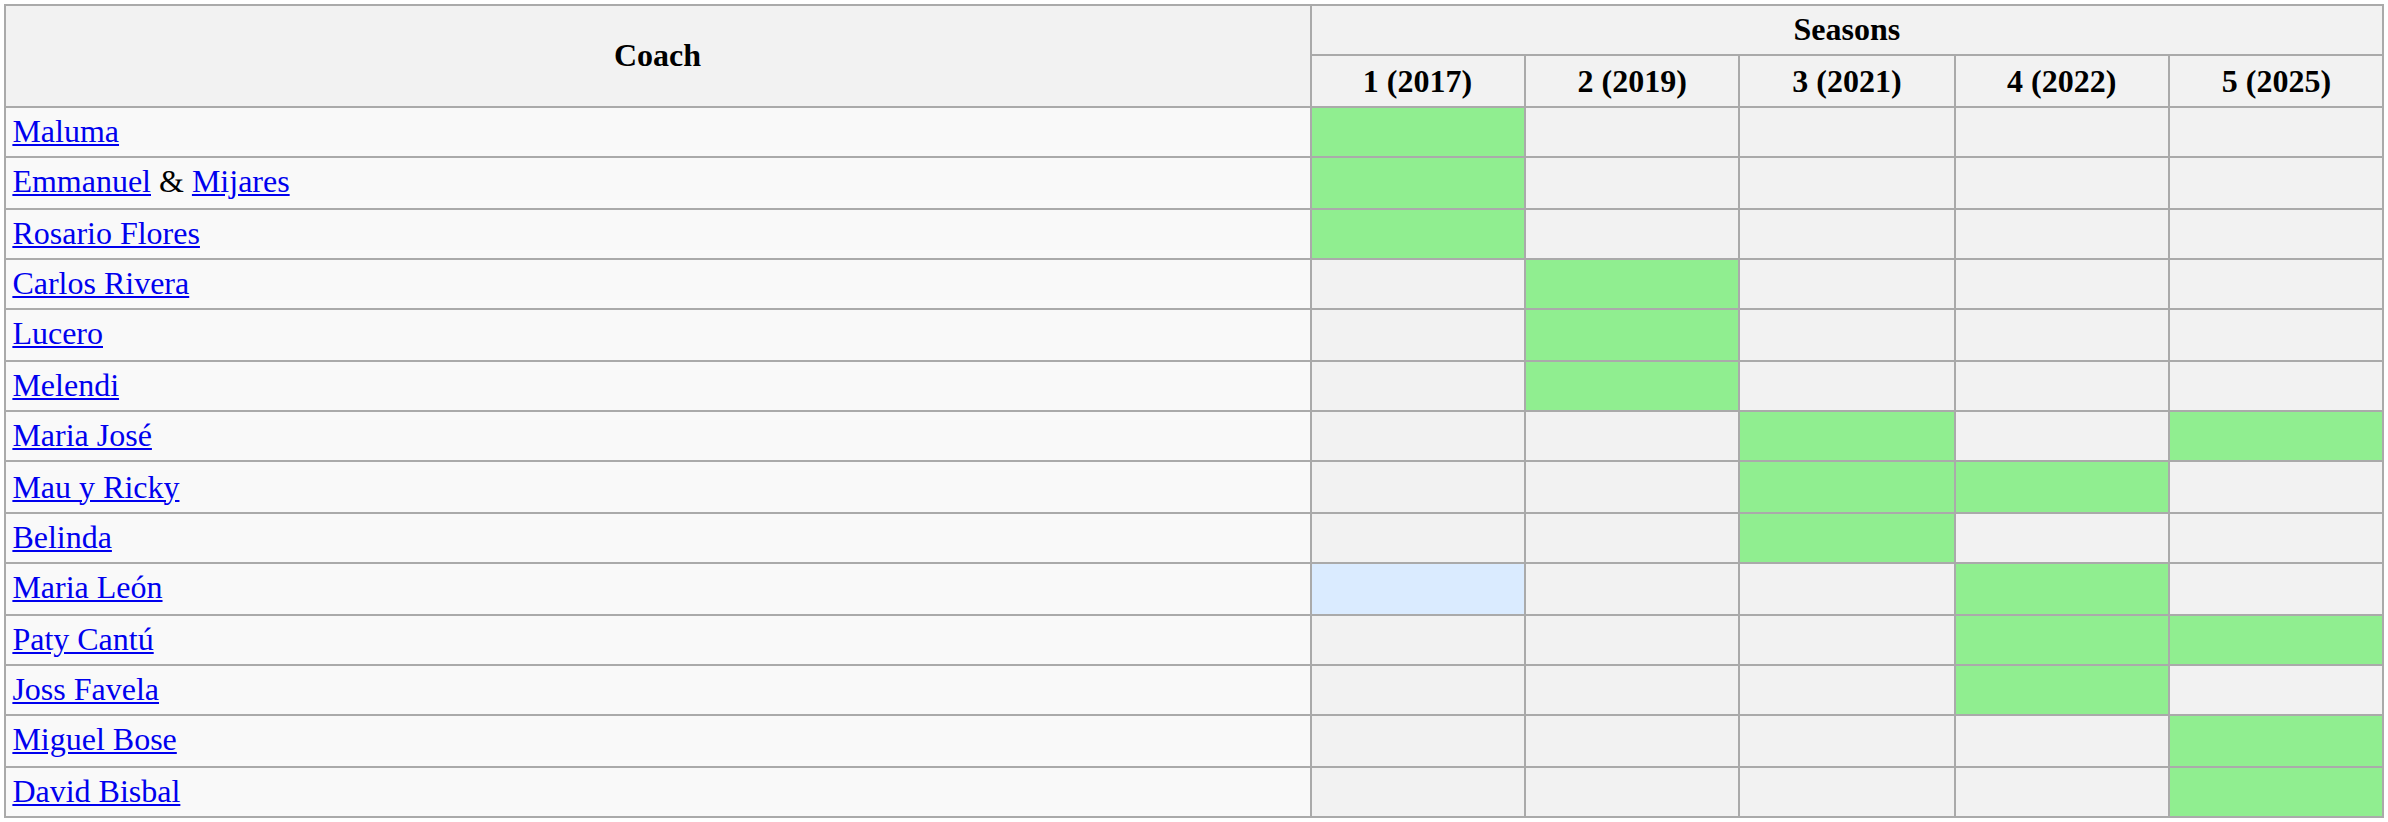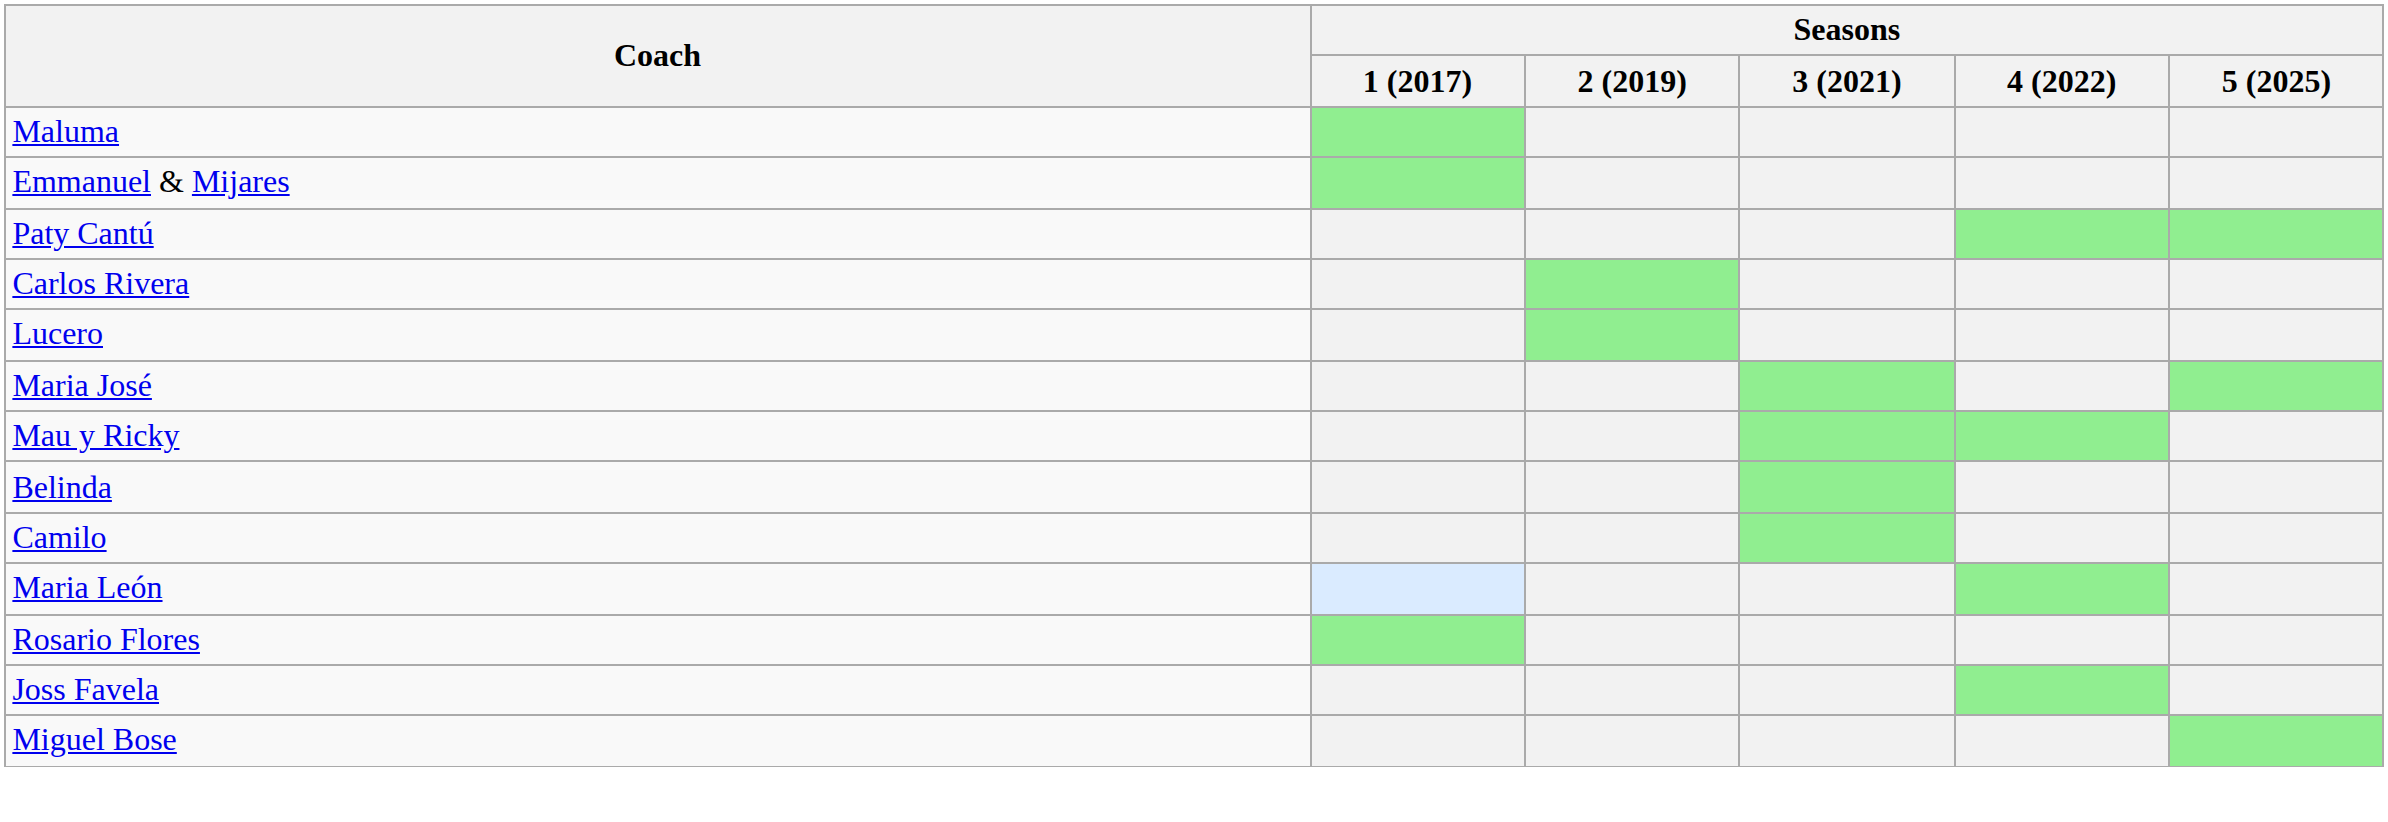 <table style="width:60%;align:center;" class="wikitable center col1cen col2cen">
 <tr>
 <th colspan="1" rowspan="2">Coach</th>
 <th colspan="5">Seasons</th>
 </tr>
 <tr>
 <th width="100">1 (2017)</th>
 <th width="100">2 (2019)</th>
 <th width="100">3 (2021)</th>
 <th width="100">4 (2022)</th>
 <th width="100">5 (2025)</th>
 </tr>
 <tr>
 <td><a href='#'>Maluma</a></td>
 <td style="background:lightgreen;" colspan="1" style="text-align:center;"></td>
 <th></th>
 <th></th>
 <th></th>
 <th></th>
 </tr>
 <tr>
 <td><a href='#'>Emmanuel</a> & <a href='#'>Mijares</a></td>
 <td style="background:lightgreen;" colspan="1"></td>
 <th></th>
 <th></th>
 <th></th>
 <th></th>
 </tr>
 <tr>
-<td><a href='#'>Rosario Flores</a></td>
-<td style="background:lightgreen;" colspan="1"></td>
+<td><a href='#'>Paty Cantú</a></td>
 <th></th>
 <th></th>
 <th></th>
-<th></th>
+<td style="background:lightgreen;" colspan="1"></td>
+<td style="background:lightgreen;" colspan="1"></td>
 </tr>
 <tr>
 <td><a href='#'>Carlos Rivera</a></td>
 <th></th>
 <td style="background:lightgreen;" colspan="1"></td>
 <th></th>
 <th></th>
 <th></th>
 </tr>
 <tr>
 <td><a href='#'>Lucero</a></td>
 <th></th>
 <td style="background:lightgreen;" colspan="1" style="text-align:center;"></td>
-<th></th>
-<th></th>
-<th></th>
-</tr>
-<tr>
-<td><a href='#'>Melendi</a></td>
-<th></th>
-<td style="background:lightgreen;" colspan="1"></td>
 <th></th>
 <th></th>
 <th></th>
 </tr>
 <tr>
 <td><a href='#'>Maria José</a></td>
 <th></th>
 <th></th>
 <td style="background:lightgreen;" colspan="1"></td>
 <th></th>
 <td style="background:lightgreen;" colspan="1"></td>
 </tr>
 <tr>
 <td><a href='#'>Mau y Ricky</a></td>
 <th></th>
 <th></th>
 <td style="background:lightgreen;" colspan="1"></td>
 <td style="background:lightgreen;" colspan="1" style="text-align:center;"></td>
 <th></th>
 </tr>
 <tr>
 <td><a href='#'>Belinda</a></td>
 <th></th>
 <th></th>
 <td style="background:lightgreen;" colspan="1" style="text-align:center;"></td>
 <th></th>
 <th></th>
 </tr>
 <tr>
+<td><a href='#'>Camilo</a></td>
+<th></th>
+<th></th>
+<td style="background:lightgreen;" colspan="1"></td>
+<th></th>
+<th></th>
+</tr>
+<tr>
 <td><a href='#'>Maria León</a></td>
 <td style="background:#DAEBFF;" colspan="1"></td>
 <th></th>
 <th></th>
 <td style="background:lightgreen;" colspan="1"></td>
 <th></th>
 </tr>
 <tr>
-<td><a href='#'>Paty Cantú</a></td>
+<td><a href='#'>Rosario Flores</a></td>
+<td style="background:lightgreen;" colspan="1"></td>
 <th></th>
 <th></th>
 <th></th>
-<td style="background:lightgreen;" colspan="1"></td>
-<td style="background:lightgreen;" colspan="1"></td>
+<th></th>
 </tr>
 <tr>
 <td><a href='#'>Joss Favela</a></td>
 <th></th>
 <th></th>
 <th></th>
 <td style="background:lightgreen;" colspan="1"></td>
 <th></th>
 </tr>
 <tr>
 <td><a href='#'>Miguel Bose</a></td>
 <th></th>
 <th></th>
 <th></th>
 <th></th>
 <td style="background:lightgreen;" colspan="1"></td>
 </tr>
-<tr>
-<td><a href='#'>David Bisbal</a></td>
-<th></th>
-<th></th>
-<th></th>
-<th></th>
-<td style="background:lightgreen;" colspan="1"></td>
-</tr>
 </table>
